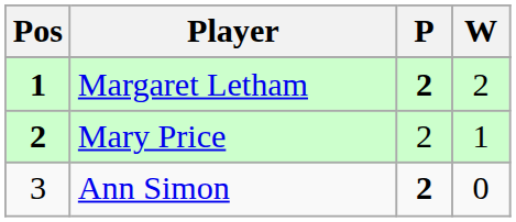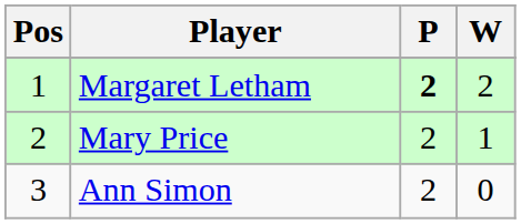 <table class="wikitable">
 <tr>
 <th width=20>Pos</th>
 <th width=150>Player</th>
 <th width=20>P</th>
 <th width=20>W</th>
 </tr>
 <tr>
 </tr>
 <tr align=center style="background: #ccffcc;">
-<td><strong>1</strong></td>
+<td>1</td>
 <td align="left"> <a href='#'>Margaret Letham</a></td>
 <td><strong>2</strong></td>
 <td>2</td>
 </tr>
 <tr align=center style="background: #ccffcc;">
-<td><strong>2</strong></td>
+<td>2</td>
 <td align="left"> <a href='#'>Mary Price</a></td>
 <td>2</td>
 <td>1</td>
 </tr>
 <tr align=center>
 <td>3</td>
 <td align="left"> <a href='#'>Ann Simon</a></td>
-<td><strong>2</strong></td>
+<td>2</td>
 <td>0</td>
 </tr>
 </table>
